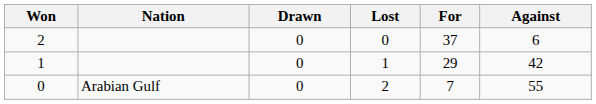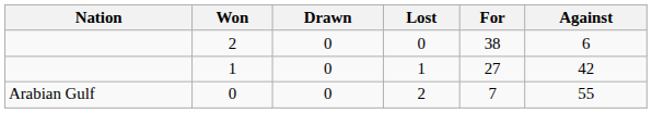 <table class="wikitable" style="text-align: center; width:50%">
 <tr>
+<th>Nation</th>
 <th>Won</th>
-<th>Nation</th>
 <th>Drawn</th>
 <th>Lost</th>
 <th>For</th>
 <th>Against</th>
 </tr>
 <tr>
+<td align=left></td>
 <td>2</td>
-<td align=left></td>
 <td>0</td>
 <td>0</td>
-<td>37</td>
+<td>38</td>
 <td>6</td>
 </tr>
 <tr>
+<td align=left></td>
 <td>1</td>
-<td align=left></td>
 <td>0</td>
 <td>1</td>
-<td>29</td>
+<td>27</td>
 <td>42</td>
 </tr>
 <tr>
+<td align=left> Arabian Gulf</td>
 <td>0</td>
-<td align=left> Arabian Gulf</td>
 <td>0</td>
 <td>2</td>
 <td>7</td>
 <td>55</td>
 </tr>
 </table>
